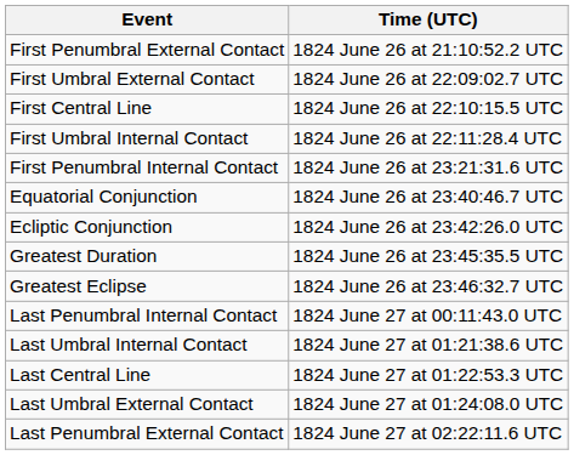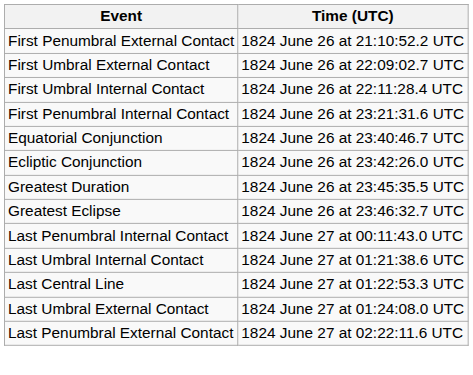 <table class="wikitable">
 <tr>
 <th>Event</th>
 <th>Time (UTC)</th>
 </tr>
 <tr>
 <td>First Penumbral External Contact</td>
 <td>1824 June 26 at 21:10:52.2 UTC</td>
 </tr>
 <tr>
 <td>First Umbral External Contact</td>
 <td>1824 June 26 at 22:09:02.7 UTC</td>
-</tr>
-<tr>
-<td>First Central Line</td>
-<td>1824 June 26 at 22:10:15.5 UTC</td>
 </tr>
 <tr>
 <td>First Umbral Internal Contact</td>
 <td>1824 June 26 at 22:11:28.4 UTC</td>
 </tr>
 <tr>
 <td>First Penumbral Internal Contact</td>
 <td>1824 June 26 at 23:21:31.6 UTC</td>
 </tr>
 <tr>
 <td>Equatorial Conjunction</td>
 <td>1824 June 26 at 23:40:46.7 UTC</td>
 </tr>
 <tr>
 <td>Ecliptic Conjunction</td>
 <td>1824 June 26 at 23:42:26.0 UTC</td>
 </tr>
 <tr>
 <td>Greatest Duration</td>
 <td>1824 June 26 at 23:45:35.5 UTC</td>
 </tr>
 <tr>
 <td>Greatest Eclipse</td>
 <td>1824 June 26 at 23:46:32.7 UTC</td>
 </tr>
 <tr>
 <td>Last Penumbral Internal Contact</td>
 <td>1824 June 27 at 00:11:43.0 UTC</td>
 </tr>
 <tr>
 <td>Last Umbral Internal Contact</td>
 <td>1824 June 27 at 01:21:38.6 UTC</td>
 </tr>
 <tr>
 <td>Last Central Line</td>
 <td>1824 June 27 at 01:22:53.3 UTC</td>
 </tr>
 <tr>
 <td>Last Umbral External Contact</td>
 <td>1824 June 27 at 01:24:08.0 UTC</td>
 </tr>
 <tr>
 <td>Last Penumbral External Contact</td>
 <td>1824 June 27 at 02:22:11.6 UTC</td>
 </tr>
 </table>
